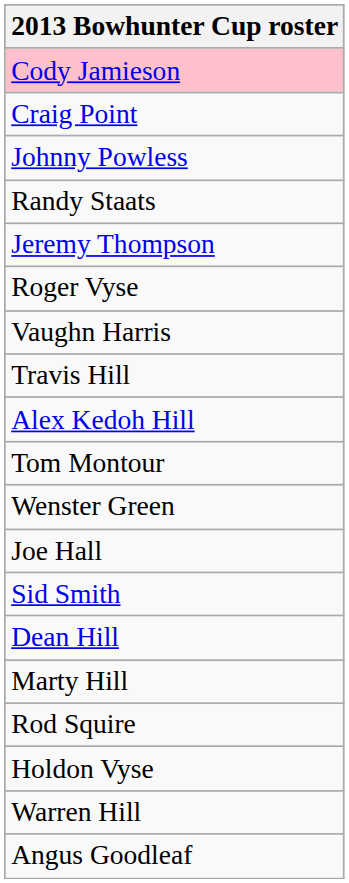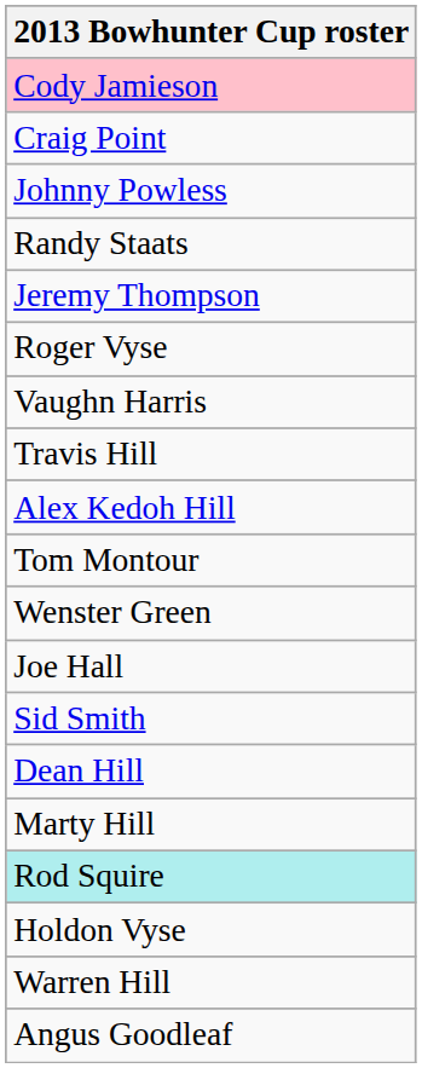 <table class="wikitable collapsible collapsed">
 <tr>
 <th>2013 Bowhunter Cup roster</th>
 </tr>
 <tr>
 <td style="background: pink;"><a href='#'>Cody Jamieson</a></td>
 </tr>
 <tr>
 <td><a href='#'>Craig Point</a></td>
 </tr>
 <tr>
 <td><a href='#'>Johnny Powless</a></td>
 </tr>
 <tr>
 <td>Randy Staats</td>
 </tr>
 <tr>
 <td><a href='#'>Jeremy Thompson</a></td>
 </tr>
 <tr>
 <td>Roger Vyse</td>
 </tr>
 <tr>
 <td>Vaughn Harris</td>
 </tr>
 <tr>
 <td>Travis Hill</td>
 </tr>
 <tr>
 <td><a href='#'>Alex Kedoh Hill</a></td>
 </tr>
 <tr>
 <td>Tom Montour</td>
 </tr>
 <tr>
 <td>Wenster Green</td>
 </tr>
 <tr>
 <td>Joe Hall</td>
 </tr>
 <tr>
 <td><a href='#'>Sid Smith</a></td>
 </tr>
 <tr>
 <td><a href='#'>Dean Hill</a></td>
 </tr>
 <tr>
 <td>Marty Hill</td>
 </tr>
 <tr>
-<td>Rod Squire</td>
+<td style="background: paleturquoise;">Rod Squire</td>
 </tr>
 <tr>
 <td>Holdon Vyse</td>
 </tr>
 <tr>
 <td>Warren Hill</td>
 </tr>
 <tr>
 <td>Angus Goodleaf</td>
 </tr>
 </table>
